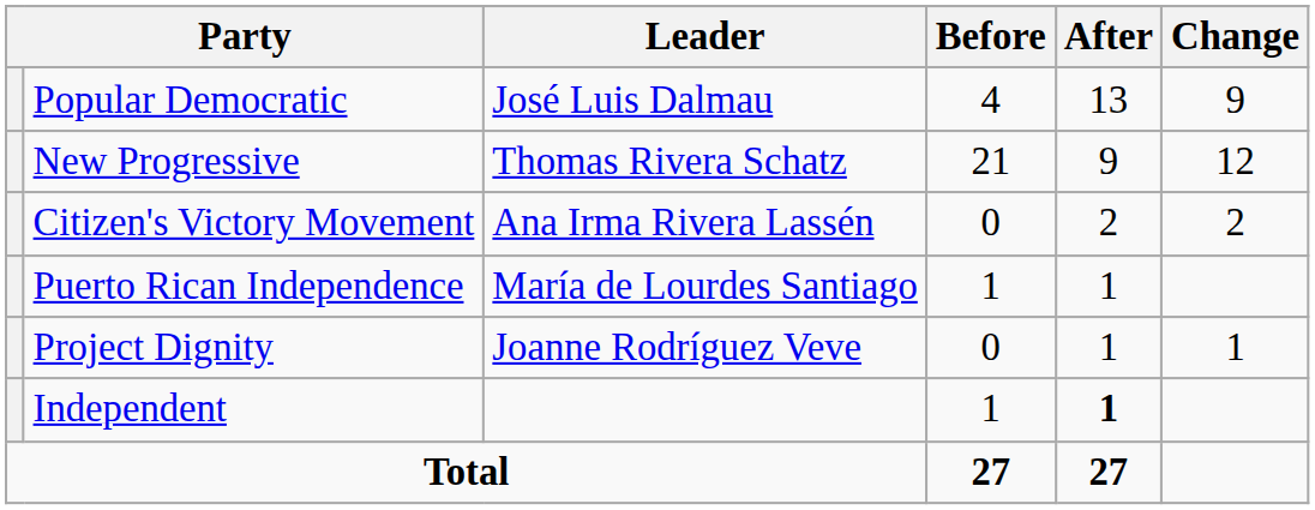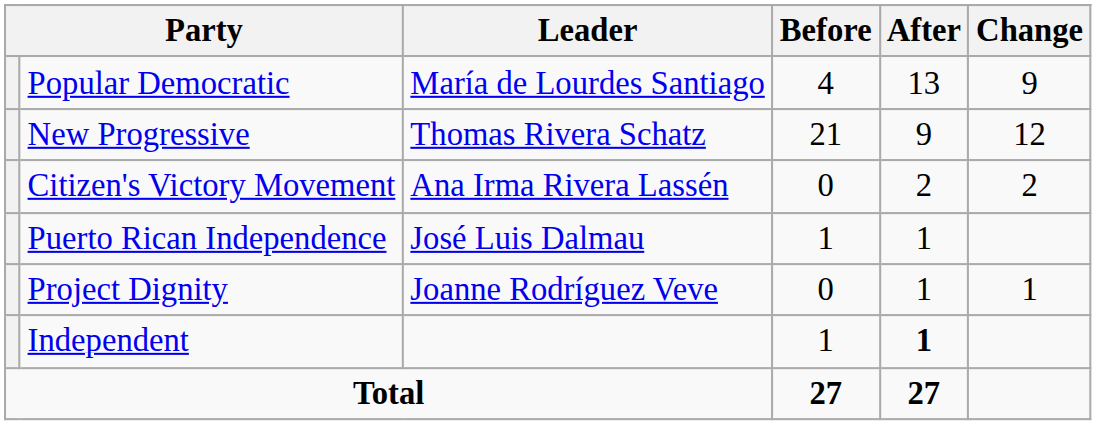 <table class="wikitable" style="text-align:center;">
 <tr>
 </tr>
 <tr>
 <th colspan=2>Party</th>
 <th>Leader</th>
 <th>Before</th>
 <th>After</th>
 <th>Change</th>
 </tr>
 <tr>
 <th style="background-color:"></th>
 <td style="text-align:left;"><a href='#'>Popular Democratic</a></td>
-<td style="text-align:left;"><a href='#'>José Luis Dalmau</a></td>
+<td style="text-align:left;"><a href='#'>María de Lourdes Santiago</a></td>
 <td>4</td>
 <td>13</td>
 <td> 9</td>
 </tr>
 <tr>
 <th style="background-color:"></th>
 <td style="text-align:left;"><a href='#'>New Progressive</a></td>
 <td style="text-align:left;"><a href='#'>Thomas Rivera Schatz</a></td>
 <td>21</td>
 <td>9</td>
 <td> 12</td>
 </tr>
 <tr>
 <th style="background-color:"></th>
 <td style="text-align:left;"><a href='#'>Citizen's Victory Movement</a></td>
 <td style="text-align:left;"><a href='#'>Ana Irma Rivera Lassén</a></td>
 <td>0</td>
 <td>2</td>
 <td> 2</td>
 </tr>
 <tr>
 <th style="background-color:"></th>
 <td style="text-align:left;"><a href='#'>Puerto Rican Independence</a></td>
-<td style="text-align:left;"><a href='#'>María de Lourdes Santiago</a></td>
+<td style="text-align:left;"><a href='#'>José Luis Dalmau</a></td>
 <td>1</td>
 <td>1</td>
 <td></td>
 </tr>
 <tr>
 <th style="background-color:"></th>
 <td style="text-align:left;"><a href='#'>Project Dignity</a></td>
 <td style="text-align:left;"><a href='#'>Joanne Rodríguez Veve</a></td>
 <td>0</td>
 <td>1</td>
 <td> 1</td>
 </tr>
 <tr>
 <th style="background-color:"></th>
 <td style="text-align:left;"><a href='#'>Independent</a></td>
 <td style="text-align:left;"></td>
 <td>1</td>
 <td><strong>1</strong></td>
 <td></td>
 </tr>
 <tr>
 <td colspan=3><strong>Total</strong></td>
 <td><strong>27</strong></td>
 <td><strong>27</strong></td>
 <td></td>
 </tr>
 </table>
